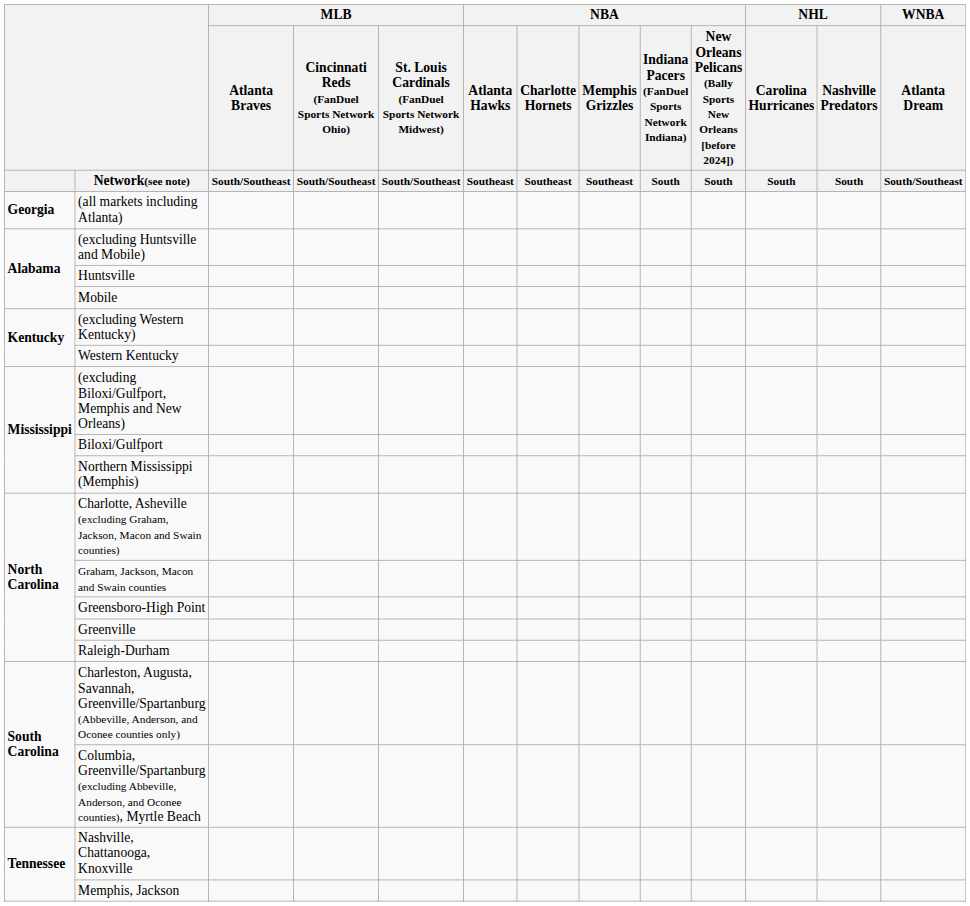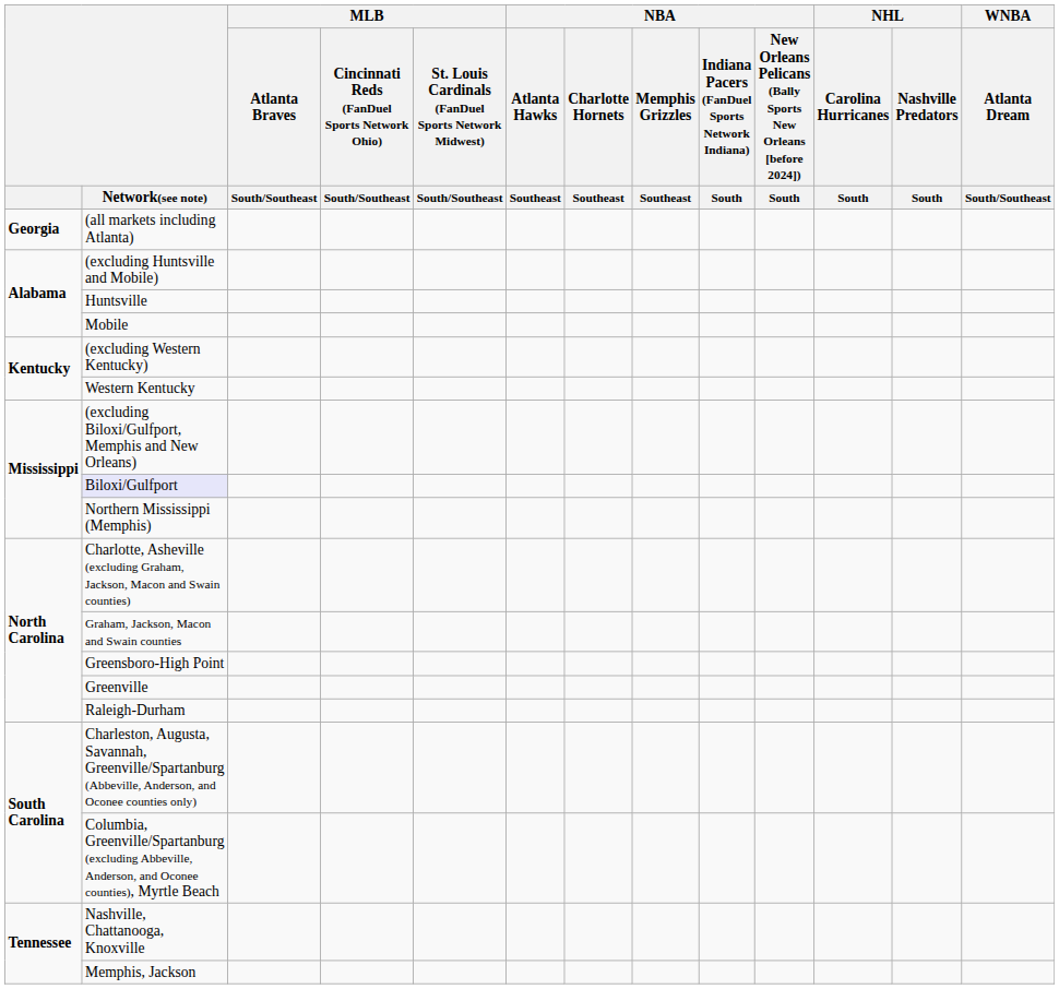 <table class="wikitable">
 <tr>
 <th rowspan="2" colspan="2"></th>
 <th colspan="3">MLB</th>
 <th colspan="5">NBA</th>
 <th colspan="2">NHL</th>
 <th>WNBA</th>
 </tr>
 <tr colspan="2">
 <th>Atlanta Braves</th>
 <th>Cincinnati Reds<br><small>(FanDuel Sports Network Ohio)</small></th>
 <th>St. Louis Cardinals<br><small>(FanDuel Sports Network Midwest)</small></th>
 <th>Atlanta Hawks</th>
 <th>Charlotte Hornets</th>
 <th>Memphis Grizzles</th>
 <th>Indiana Pacers<br><small>(FanDuel Sports Network Indiana)</small></th>
 <th>New Orleans Pelicans<br><small>(Bally Sports New Orleans [before 2024])</small></th>
 <th>Carolina Hurricanes</th>
 <th>Nashville Predators</th>
 <th>Atlanta Dream</th>
 </tr>
 <tr>
 <th></th>
 <th>Network<small>(see note)</small></th>
 <th><small>South/Southeast</small></th>
 <th><small>South/Southeast</small></th>
 <th><small>South/Southeast</small></th>
 <th><small>Southeast</small></th>
 <th><small>Southeast</small></th>
 <th><small>Southeast</small></th>
 <th><small>South</small></th>
 <th><small>South</small></th>
 <th><small>South</small></th>
 <th><small>South</small></th>
 <th><small>South/Southeast</small></th>
 </tr>
 <tr>
 <td><strong>Georgia</strong></td>
 <td>(all markets including Atlanta)</td>
 <td></td>
 <td></td>
 <td></td>
 <td></td>
 <td></td>
 <td></td>
 <td></td>
 <td></td>
 <td></td>
 <td></td>
 <td></td>
 </tr>
 <tr>
 <td rowspan="3"><strong>Alabama</strong></td>
 <td>(excluding Huntsville and Mobile)</td>
 <td></td>
 <td></td>
 <td></td>
 <td></td>
 <td></td>
 <td></td>
 <td></td>
 <td></td>
 <td></td>
 <td></td>
 <td></td>
 </tr>
 <tr>
 <td>Huntsville</td>
 <td></td>
 <td></td>
 <td></td>
 <td></td>
 <td></td>
 <td></td>
 <td></td>
 <td></td>
 <td></td>
 <td></td>
 <td></td>
 </tr>
 <tr>
 <td>Mobile</td>
 <td></td>
 <td></td>
 <td></td>
 <td></td>
 <td></td>
 <td></td>
 <td></td>
 <td></td>
 <td></td>
 <td></td>
 <td></td>
 </tr>
 <tr>
 <td rowspan="2"><strong>Kentucky</strong></td>
 <td>(excluding Western Kentucky)</td>
 <td></td>
 <td></td>
 <td></td>
 <td></td>
 <td></td>
 <td></td>
 <td></td>
 <td></td>
 <td></td>
 <td></td>
 <td></td>
 </tr>
 <tr>
 <td>Western Kentucky</td>
 <td></td>
 <td></td>
 <td></td>
 <td></td>
 <td></td>
 <td></td>
 <td></td>
 <td></td>
 <td></td>
 <td></td>
 <td></td>
 </tr>
 <tr>
 <td rowspan="3"><strong>Mississippi</strong></td>
 <td>(excluding Biloxi/Gulfport, Memphis and New Orleans)</td>
 <td></td>
 <td></td>
 <td></td>
 <td></td>
 <td></td>
 <td></td>
 <td></td>
 <td></td>
 <td></td>
 <td></td>
 <td></td>
 </tr>
 <tr>
-<td>Biloxi/Gulfport</td>
+<td style="background: lavender;">Biloxi/Gulfport</td>
 <td></td>
 <td></td>
 <td></td>
 <td></td>
 <td></td>
 <td></td>
 <td></td>
 <td></td>
 <td></td>
 <td></td>
 <td></td>
 </tr>
 <tr>
 <td>Northern Mississippi (Memphis)</td>
 <td></td>
 <td></td>
 <td></td>
 <td></td>
 <td></td>
 <td></td>
 <td></td>
 <td></td>
 <td></td>
 <td></td>
 <td></td>
 </tr>
 <tr>
 <td rowspan="5"><strong>North Carolina</strong></td>
 <td>Charlotte, Asheville <small>(excluding Graham, Jackson, Macon and Swain counties)</small></td>
 <td></td>
 <td></td>
 <td></td>
 <td></td>
 <td></td>
 <td></td>
 <td></td>
 <td></td>
 <td></td>
 <td></td>
 <td></td>
 </tr>
 <tr>
 <td><small>Graham, Jackson, Macon and Swain counties</small></td>
 <td></td>
 <td></td>
 <td></td>
 <td></td>
 <td></td>
 <td></td>
 <td></td>
 <td></td>
 <td></td>
 <td></td>
 <td></td>
 </tr>
 <tr>
 <td>Greensboro-High Point</td>
 <td></td>
 <td></td>
 <td></td>
 <td></td>
 <td></td>
 <td></td>
 <td></td>
 <td></td>
 <td></td>
 <td></td>
 <td></td>
 </tr>
 <tr>
 <td>Greenville</td>
 <td></td>
 <td></td>
 <td></td>
 <td></td>
 <td></td>
 <td></td>
 <td></td>
 <td></td>
 <td></td>
 <td></td>
 <td></td>
 </tr>
 <tr>
 <td>Raleigh-Durham</td>
 <td></td>
 <td></td>
 <td></td>
 <td></td>
 <td></td>
 <td></td>
 <td></td>
 <td></td>
 <td></td>
 <td></td>
 <td></td>
 </tr>
 <tr>
 <td rowspan="2"><strong>South Carolina</strong></td>
 <td>Charleston, Augusta, Savannah, Greenville/Spartanburg <small>(Abbeville, Anderson, and Oconee counties only)</small></td>
 <td></td>
 <td></td>
 <td></td>
 <td></td>
 <td></td>
 <td></td>
 <td></td>
 <td></td>
 <td></td>
 <td></td>
 <td></td>
 </tr>
 <tr>
 <td>Columbia, Greenville/Spartanburg <small>(excluding Abbeville, Anderson, and Oconee counties)</small>, Myrtle Beach</td>
 <td></td>
 <td></td>
 <td></td>
 <td></td>
 <td></td>
 <td></td>
 <td></td>
 <td></td>
 <td></td>
 <td></td>
 <td></td>
 </tr>
 <tr>
 <td rowspan="2"><strong>Tennessee</strong></td>
 <td>Nashville, Chattanooga, Knoxville</td>
 <td></td>
 <td></td>
 <td></td>
 <td></td>
 <td></td>
 <td></td>
 <td></td>
 <td></td>
 <td></td>
 <td></td>
 <td></td>
 </tr>
 <tr>
 <td>Memphis, Jackson</td>
 <td></td>
 <td></td>
 <td></td>
 <td></td>
 <td></td>
 <td></td>
 <td></td>
 <td></td>
 <td></td>
 <td></td>
 <td></td>
 </tr>
 </table>
